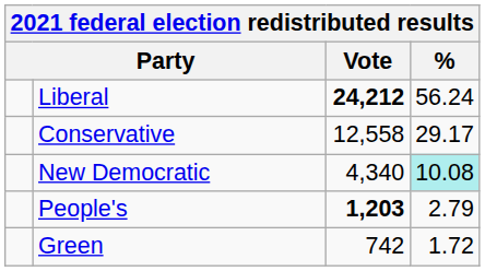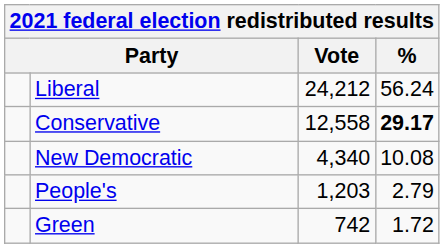 <table class="wikitable">
 <tr>
 <th colspan="4"><a href='#'>2021 federal election</a> redistributed results</th>
 </tr>
 <tr>
 <th bgcolor="#DDDDFF" width="130px" colspan="2">Party</th>
 <th bgcolor="#DDDDFF" width="50px">Vote</th>
 <th bgcolor="#DDDDFF" width="30px">%</th>
 </tr>
 <tr>
 <td> </td>
 <td><a href='#'>Liberal</a></td>
-<td align=right><strong>24,212</strong></td>
+<td align=right>24,212</td>
 <td align=right>56.24</td>
 </tr>
 <tr>
 <td> </td>
 <td><a href='#'>Conservative</a></td>
 <td align=right>12,558</td>
-<td align=right>29.17</td>
+<td align=right><strong>29.17</strong></td>
 </tr>
 <tr>
 <td> </td>
 <td><a href='#'>New Democratic</a></td>
 <td align=right>4,340</td>
-<td align=right style="background: paleturquoise;">10.08</td>
+<td align=right>10.08</td>
 </tr>
 <tr>
 <td> </td>
 <td><a href='#'>People's</a></td>
-<td align=right><strong>1,203</strong></td>
+<td align=right>1,203</td>
 <td align=right>2.79</td>
 </tr>
 <tr>
 <td> </td>
 <td><a href='#'>Green</a></td>
 <td align=right>742</td>
 <td align=right>1.72</td>
 </tr>
 </table>
